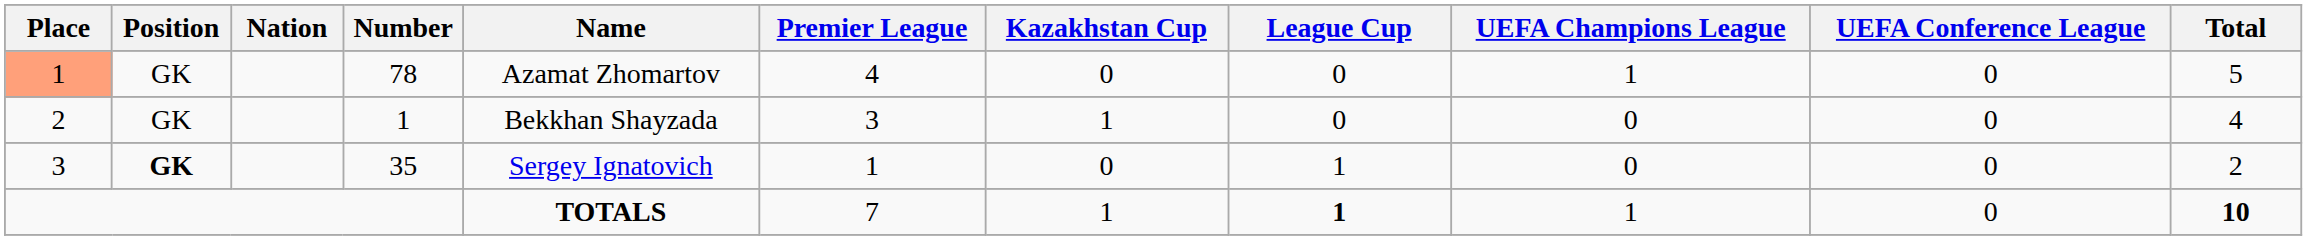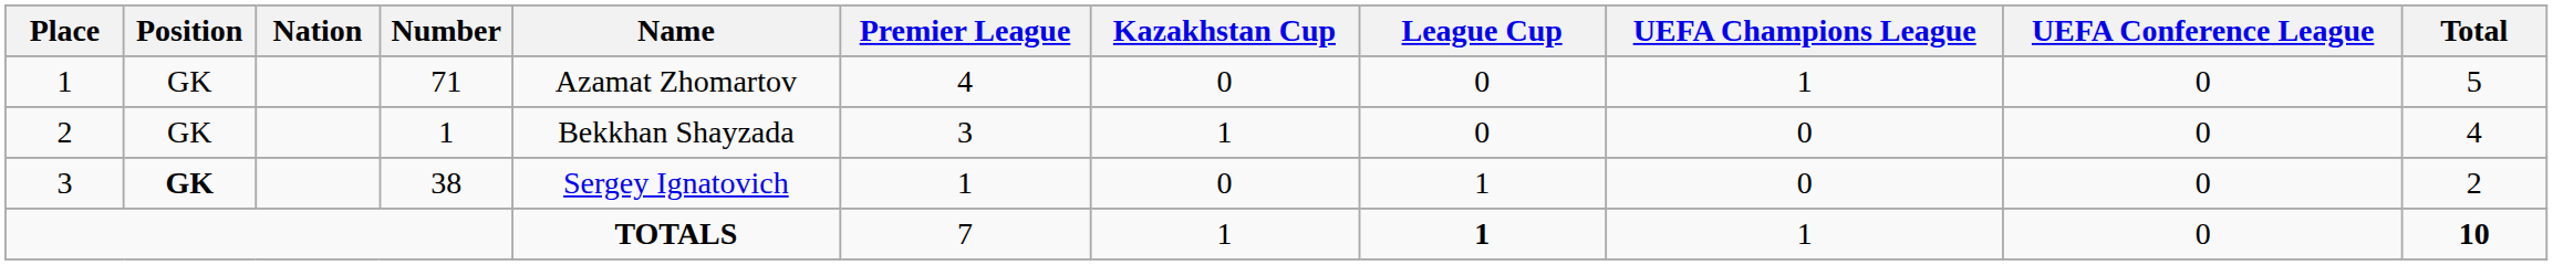 <table class="wikitable" style="font-size: 95%; text-align: center;">
 <tr>
 <th width=60>Place</th>
 <th width=60>Position</th>
 <th width=60>Nation</th>
 <th width=60>Number</th>
 <th width=200>Name</th>
 <th width=150><a href='#'>Premier League</a></th>
 <th width=150><a href='#'>Kazakhstan Cup</a></th>
 <th width=150><a href='#'>League Cup</a></th>
 <th width=250><a href='#'>UEFA Champions League</a></th>
 <th width=250><a href='#'>UEFA Conference League</a></th>
 <th width=80>Total</th>
 </tr>
 <tr>
-<td style="background: lightsalmon;">1</td>
+<td>1</td>
 <td>GK</td>
 <td></td>
-<td>78</td>
+<td>71</td>
 <td>Azamat Zhomartov</td>
 <td>4</td>
 <td>0</td>
 <td>0</td>
 <td>1</td>
 <td>0</td>
 <td>5</td>
 </tr>
 <tr>
 <td>2</td>
 <td>GK</td>
 <td></td>
 <td>1</td>
 <td>Bekkhan Shayzada</td>
 <td>3</td>
 <td>1</td>
 <td>0</td>
 <td>0</td>
 <td>0</td>
 <td>4</td>
 </tr>
 <tr>
 <td>3</td>
 <td><strong>GK</strong></td>
 <td></td>
-<td>35</td>
+<td>38</td>
 <td><a href='#'>Sergey Ignatovich</a></td>
 <td>1</td>
 <td>0</td>
 <td>1</td>
 <td>0</td>
 <td>0</td>
 <td>2</td>
 </tr>
 <tr>
 <td colspan="4"></td>
 <td><strong>TOTALS</strong></td>
 <td>7</td>
 <td>1</td>
 <td><strong>1</strong></td>
 <td>1</td>
 <td>0</td>
 <td><strong>10</strong></td>
 </tr>
 </table>
